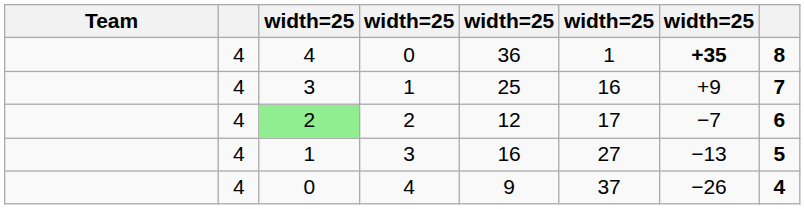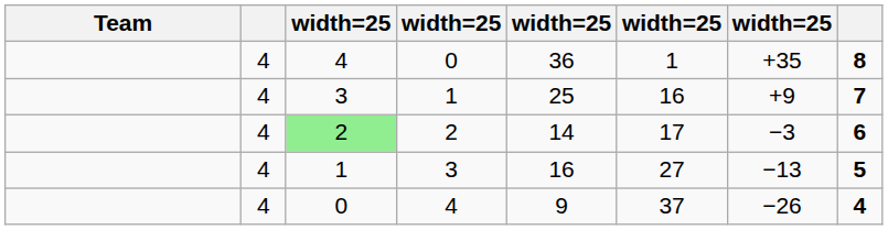 <table class="wikitable" style="text-align: center;">
 <tr>
 <th width="165">Team</th>
 <th width=25></th>
 <th>width=25</th>
 <th>width=25</th>
 <th>width=25</th>
 <th>width=25</th>
 <th>width=25</th>
 <th width=25></th>
 </tr>
 <tr>
 <td style="text-align:left;"></td>
 <td>4</td>
 <td>4</td>
 <td>0</td>
 <td>36</td>
 <td>1</td>
-<td><strong>+35</strong></td>
+<td>+35</td>
 <td><strong>8</strong></td>
 </tr>
 <tr>
 <td style="text-align:left;"></td>
 <td>4</td>
 <td>3</td>
 <td>1</td>
 <td>25</td>
 <td>16</td>
 <td>+9</td>
 <td><strong>7</strong></td>
 </tr>
 <tr>
 <td style="text-align:left;"></td>
 <td>4</td>
 <td style="background: lightgreen;">2</td>
 <td>2</td>
-<td>12</td>
+<td>14</td>
 <td>17</td>
-<td>−7</td>
+<td>−3</td>
 <td><strong>6</strong></td>
 </tr>
 <tr>
 <td style="text-align:left;"></td>
 <td>4</td>
 <td>1</td>
 <td>3</td>
 <td>16</td>
 <td>27</td>
 <td>−13</td>
 <td><strong>5</strong></td>
 </tr>
 <tr>
 <td style="text-align:left;"></td>
 <td>4</td>
 <td>0</td>
 <td>4</td>
 <td>9</td>
 <td>37</td>
 <td>−26</td>
 <td><strong>4</strong></td>
 </tr>
 </table>
